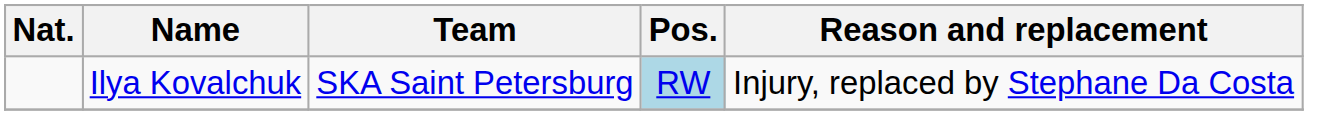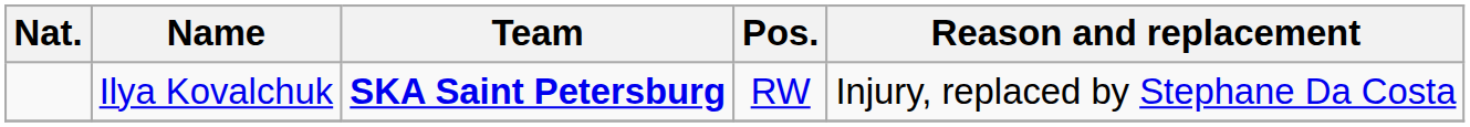 <table class="wikitable sortable" style="text-align:center;"!Number>
 <tr>
 <th>Nat.</th>
 <th>Name</th>
 <th>Team</th>
 <th>Pos.</th>
 <th colspan=2>Reason and replacement</th>
 </tr>
 <tr>
 <td></td>
 <td><a href='#'>Ilya Kovalchuk</a></td>
-<td><a href='#'>SKA Saint Petersburg</a></td>
-<td style="background: lightblue;"><a href='#'>RW</a></td>
+<td><strong><a href='#'>SKA Saint Petersburg</a></strong></td>
+<td><a href='#'>RW</a></td>
 <td>Injury, replaced by <a href='#'>Stephane Da Costa</a></td>
 </tr>
 <tr>
 </tr>
 </table>
